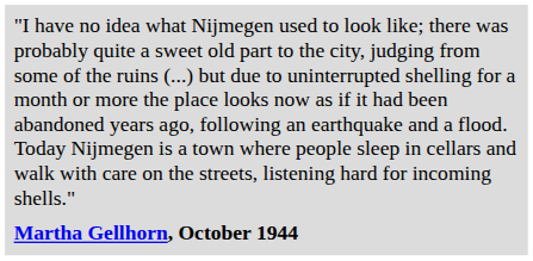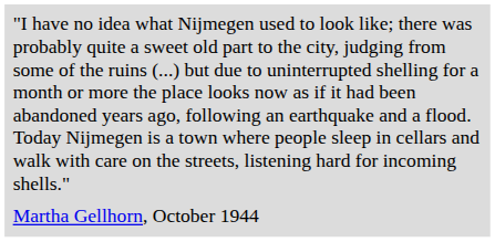 <table class="toccolours" style="float: right; margin-left: 1em; margin-right: 2em; font-size: 85%; background:#DCDCDC; color:black; width:25em; max-width: 30%;" cellspacing="5">
 <tr>
 <td style="text-align: left;">"I have no idea what Nijmegen used to look like; there was probably quite a sweet old part to the city, judging from some of the ruins (...) but due to uninterrupted shelling for a month or more the place looks now as if it had been abandoned years ago, following an earthquake and a flood. Today Nijmegen is a town where people sleep in cellars and walk with care on the streets, listening hard for incoming shells."</td>
 </tr>
 <tr>
-<td style="text-align: left;"><strong><a href='#'>Martha Gellhorn</a>, October 1944</strong></td>
+<td style="text-align: left;"><a href='#'>Martha Gellhorn</a>, October 1944</td>
 </tr>
 </table>
